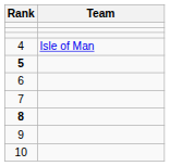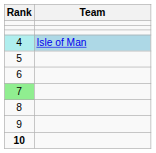 <table class="wikitable" style="text-align:center;">
 <tr>
 <th>Rank</th>
 <th width=175>Team</th>
 </tr>
 <tr>
 <td></td>
 <td align=left></td>
 </tr>
 <tr>
 <td></td>
 <td align=left></td>
 </tr>
 <tr>
 <td></td>
 <td align=left></td>
 </tr>
 <tr>
-<td>4</td>
-<td align=left> <a href='#'>Isle of Man</a></td>
+<td style="background: paleturquoise;">4</td>
+<td align=left style="background: lightblue;"> <a href='#'>Isle of Man</a></td>
 </tr>
 <tr>
-<td><strong>5</strong></td>
+<td>5</td>
 <td align=left></td>
 </tr>
 <tr>
 <td>6</td>
 <td align=left></td>
 </tr>
 <tr>
-<td>7</td>
+<td style="background: lightgreen;">7</td>
 <td align=left></td>
 </tr>
 <tr>
-<td><strong>8</strong></td>
+<td>8</td>
 <td align=left></td>
 </tr>
 <tr>
 <td>9</td>
 <td align=left></td>
 </tr>
 <tr>
-<td>10</td>
+<td><strong>10</strong></td>
 <td align=left></td>
 </tr>
 </table>
